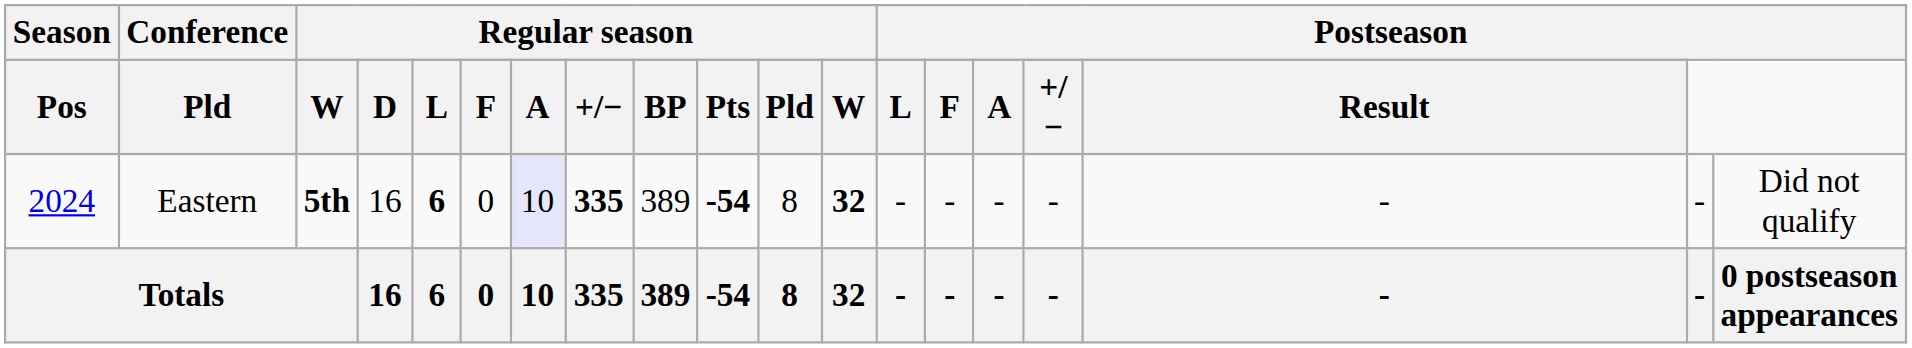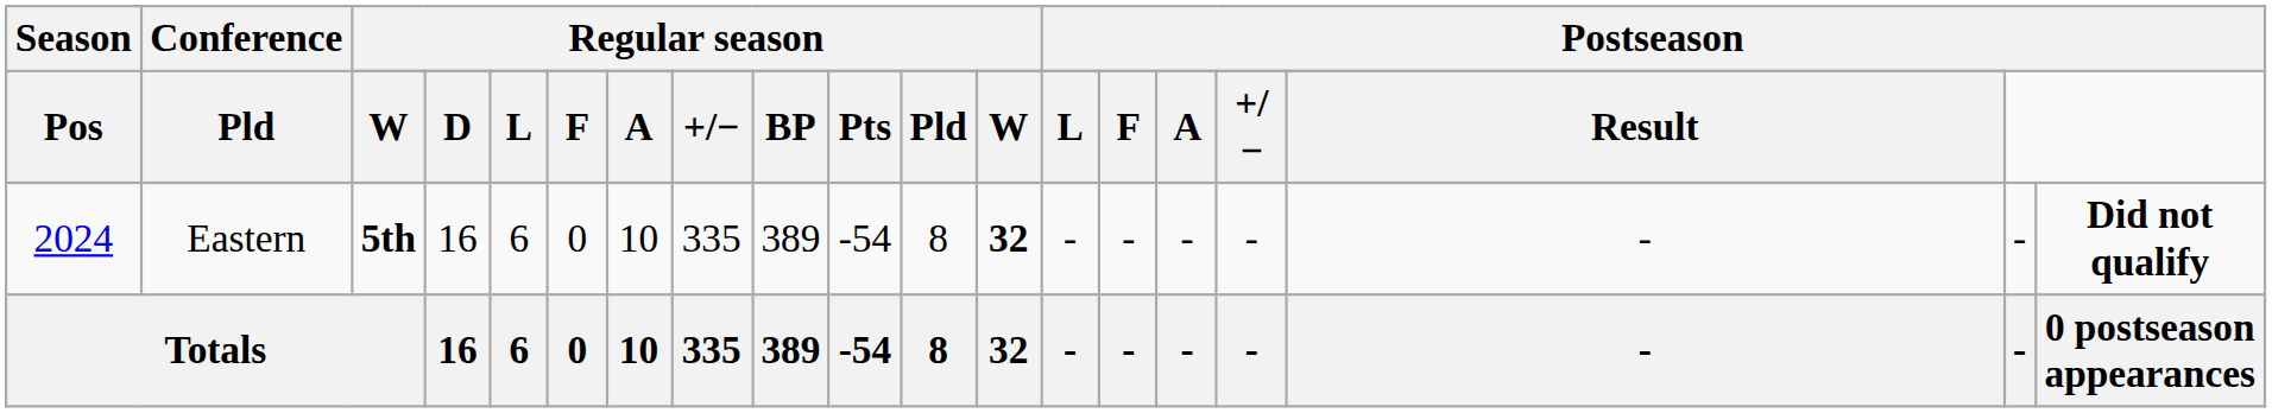 <table class="wikitable" style="text-align:center; font-size: 95%">
 <tr>
 <th rowspan="2">Season</th>
 <th rowspan="2">Conference</th>
 <th colspan="10">Regular season</th>
 <th colspan="8">Postseason</th>
 </tr>
 <tr {| class="wikitable" style="text-align:center;">
 </tr>
 <tr border=1 cellpadding=5 cellspacing=0>
 <th style="width:20px;">Pos</th>
 <th style="width:20px;">Pld</th>
 <th style="width:20px;">W</th>
 <th style="width:20px;">D</th>
 <th style="width:20px;">L</th>
 <th style="width:20px;">F</th>
 <th style="width:20px;">A</th>
 <th style="width:25px;">+/−</th>
 <th style="width:20px;">BP</th>
 <th style="width:20px;">Pts</th>
 <th style="width:20px;">Pld</th>
 <th style="width:20px;">W</th>
 <th style="width:20px;">L</th>
 <th style="width:20px;">F</th>
 <th style="width:20px;">A</th>
 <th style="width:25px;">+/−</th>
 <th style="width:30em; text-align:centre;">Result</th>
 </tr>
 <tr>
 <td><a href='#'>2024</a></td>
 <td>Eastern</td>
 <td><strong>5th</strong></td>
 <td>16</td>
-<td><strong>6</strong></td>
+<td>6</td>
 <td>0</td>
-<td style="background: lavender;">10</td>
-<td><strong>335</strong></td>
+<td>10</td>
+<td>335</td>
 <td>389</td>
-<td><strong>-54</strong></td>
+<td>-54</td>
 <td>8</td>
 <td><strong>32</strong></td>
 <td>-</td>
 <td>-</td>
 <td>-</td>
 <td>-</td>
 <td>-</td>
 <td>-</td>
-<td>Did not qualify</td>
+<td><strong>Did not qualify</strong></td>
 </tr>
 <tr align="center">
 <th colspan="3">Totals</th>
 <th>16</th>
 <th>6</th>
 <th>0</th>
 <th>10</th>
 <th>335</th>
 <th>389</th>
 <th>-54</th>
 <th>8</th>
 <th>32</th>
 <th>-</th>
 <th>-</th>
 <th>-</th>
 <th>-</th>
 <th>-</th>
 <th>-</th>
 <th>0 postseason appearances</th>
 </tr>
 </table>
